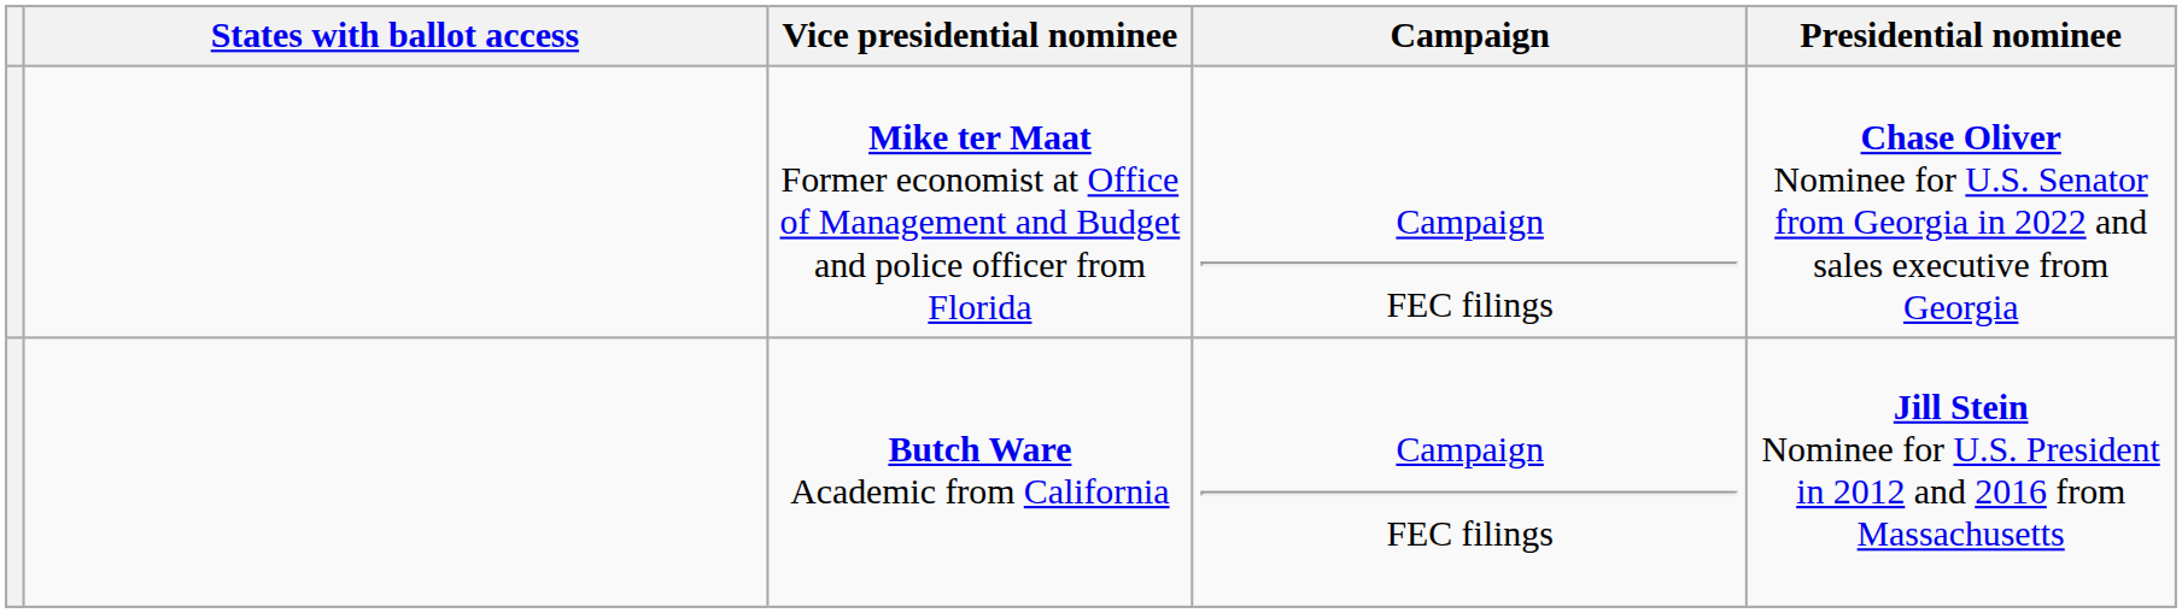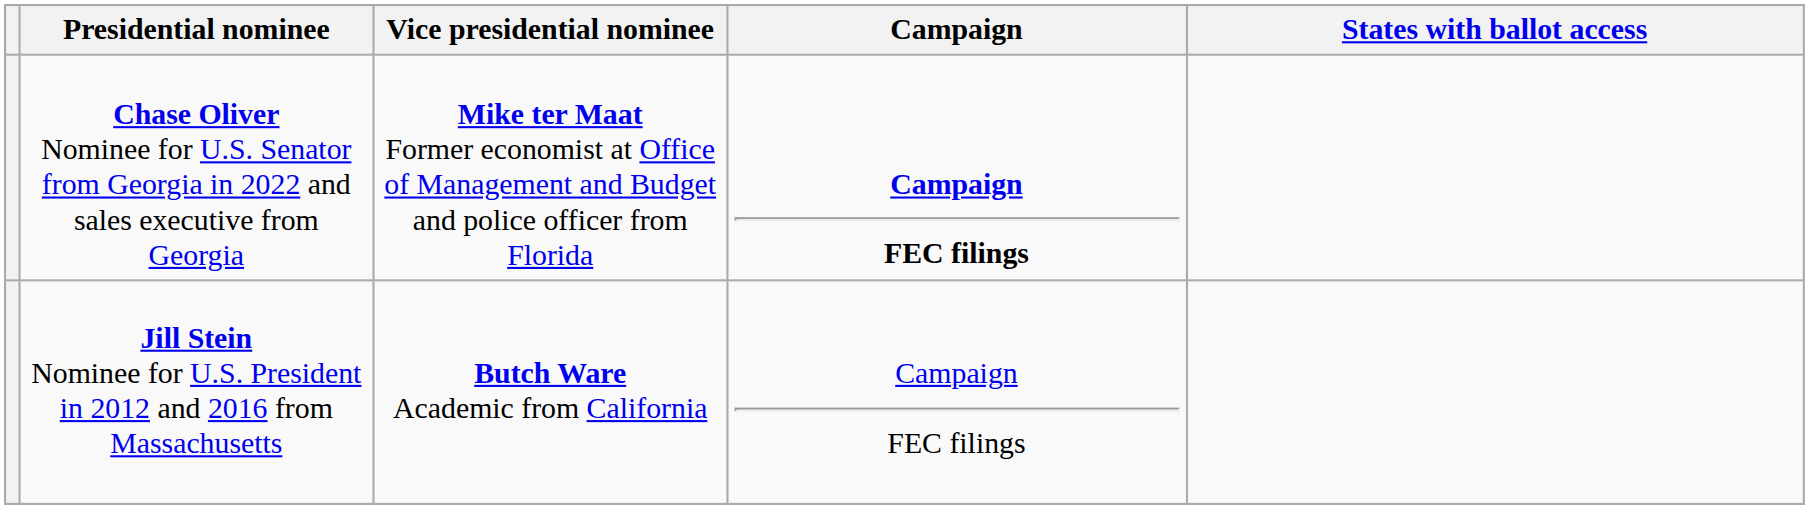 <table class="wikitable sortable" style="text-align:center; font-size:90%">
 <tr>
 <th></th>
-<th style="width:22em;"><a href='#'>States with ballot access</a></th>
+<th style="width:12em;">Presidential nominee</th>
 <th style="width:12em;">Vice presidential nominee</th>
 <th style="width:16em;">Campaign</th>
-<th style="width:12em;">Presidential nominee</th>
+<th style="width:22em;"><a href='#'>States with ballot access</a></th>
 </tr>
 <tr>
 <th></th>
+<td style="vertical-align:top;"><br><strong><a href='#'>Chase Oliver</a></strong><br>Nominee for <a href='#'>U.S. Senator from Georgia in 2022</a> and sales executive from <a href='#'>Georgia</a></td>
+<td style="vertical-align:top;"><br><strong><a href='#'>Mike ter Maat</a></strong><br>Former economist at  <a href='#'>Office of Management and Budget</a> and police officer from <a href='#'>Florida</a></td>
+<td><strong><br><br><br><a href='#'>Campaign</a><hr>FEC filings<br></strong></td>
 <td></td>
-<td style="vertical-align:top;"><br><strong><a href='#'>Mike ter Maat</a></strong><br>Former economist at  <a href='#'>Office of Management and Budget</a> and police officer from <a href='#'>Florida</a></td>
-<td><br><br><br><a href='#'>Campaign</a><hr>FEC filings<br></td>
-<td style="vertical-align:top;"><br><strong><a href='#'>Chase Oliver</a></strong><br>Nominee for <a href='#'>U.S. Senator from Georgia in 2022</a> and sales executive from <a href='#'>Georgia</a></td>
 </tr>
 <tr>
 <th></th>
-<td></td>
+<td style="vertical-align:top;"><br><strong><a href='#'>Jill Stein</a></strong><br>Nominee for <a href='#'>U.S. President in 2012</a> and <a href='#'>2016</a> from <a href='#'>Massachusetts</a></td>
 <td style="vertical-align:top;"><br><br><strong><a href='#'>Butch Ware</a></strong><br>Academic from <a href='#'>California</a></td>
 <td><br><br><a href='#'>Campaign</a><hr>FEC filings<br><br></td>
-<td style="vertical-align:top;"><br><strong><a href='#'>Jill Stein</a></strong><br>Nominee for <a href='#'>U.S. President in 2012</a> and <a href='#'>2016</a> from <a href='#'>Massachusetts</a></td>
+<td></td>
 </tr>
 </table>
